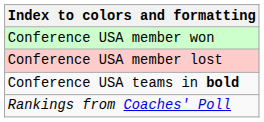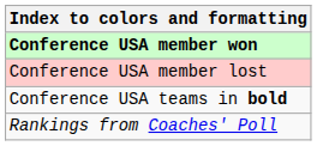 <table class="wikitable">
 <tr>
 <th>Index to colors and formatting</th>
 </tr>
 <tr bgcolor=#ccffcc>
-<td>Conference USA member won</td>
+<td><strong>Conference USA member won</strong></td>
 </tr>
 <tr bgcolor=#ffcccc>
 <td>Conference USA member lost</td>
 </tr>
 <tr>
 <td>Conference USA teams in <strong>bold</strong></td>
 </tr>
 <tr>
 <td><em>Rankings from <a href='#'>Coaches' Poll</a></em></td>
 </tr>
 </table>
